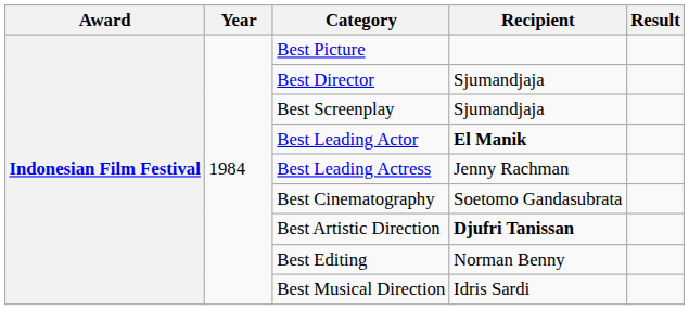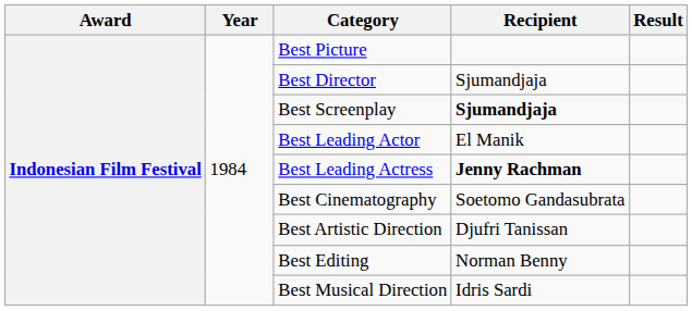 <table class="wikitable plainrowheaders" style="font-size: 95%;">
 <tr>
 <th scope="col">Award</th>
 <th scope="col"; width=50>Year</th>
 <th scope="col">Category</th>
 <th scope="col">Recipient</th>
 <th scope="col">Result</th>
 </tr>
 <tr>
 <th scope="row" rowspan="9"><a href='#'>Indonesian Film Festival</a></th>
 <td rowspan="9">1984</td>
 <td><a href='#'>Best Picture</a></td>
 <td></td>
 <td></td>
 </tr>
 <tr>
 <td><a href='#'>Best Director</a></td>
 <td>Sjumandjaja</td>
 <td></td>
 </tr>
 <tr>
 <td>Best Screenplay</td>
-<td>Sjumandjaja</td>
+<td><strong>Sjumandjaja</strong></td>
 <td></td>
 </tr>
 <tr>
 <td><a href='#'>Best Leading Actor</a></td>
-<td><strong>El Manik</strong></td>
+<td>El Manik</td>
 <td></td>
 </tr>
 <tr>
 <td><a href='#'>Best Leading Actress</a></td>
-<td>Jenny Rachman</td>
+<td><strong>Jenny Rachman</strong></td>
 <td></td>
 </tr>
 <tr>
 <td>Best Cinematography</td>
 <td>Soetomo Gandasubrata</td>
 <td></td>
 </tr>
 <tr>
 <td>Best Artistic Direction</td>
-<td><strong>Djufri Tanissan</strong></td>
+<td>Djufri Tanissan</td>
 <td></td>
 </tr>
 <tr>
 <td>Best Editing</td>
 <td>Norman Benny</td>
 <td></td>
 </tr>
 <tr>
 <td>Best Musical Direction</td>
 <td>Idris Sardi</td>
 <td></td>
 </tr>
 </table>
